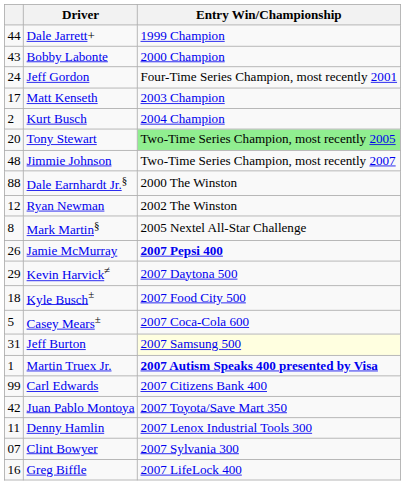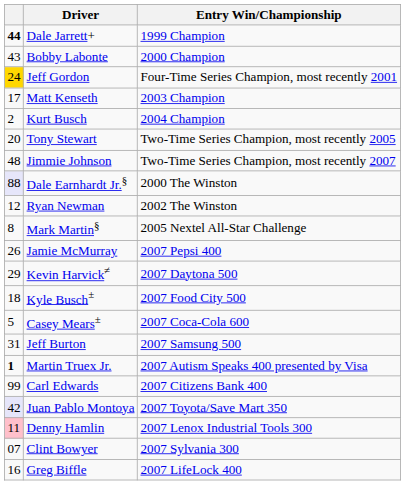 <table class="wikitable" style="font-size: 100%;">
 <tr>
 <th></th>
 <th><strong>Driver</strong></th>
 <th><strong>Entry Win/Championship</strong></th>
 </tr>
 <tr>
-<td>44</td>
+<td><strong>44</strong></td>
 <td><a href='#'>Dale Jarrett</a>+</td>
 <td><a href='#'>1999 Champion</a></td>
 </tr>
 <tr>
 <td>43</td>
 <td><a href='#'>Bobby Labonte</a></td>
 <td><a href='#'>2000 Champion</a></td>
 </tr>
 <tr>
-<td>24</td>
+<td style="background: gold;">24</td>
 <td><a href='#'>Jeff Gordon</a></td>
 <td>Four-Time Series Champion, most recently <a href='#'>2001</a></td>
 </tr>
 <tr>
 <td>17</td>
 <td><a href='#'>Matt Kenseth</a></td>
 <td><a href='#'>2003 Champion</a></td>
 </tr>
 <tr>
 <td>2</td>
 <td><a href='#'>Kurt Busch</a></td>
 <td><a href='#'>2004 Champion</a></td>
 </tr>
 <tr>
 <td>20</td>
 <td><a href='#'>Tony Stewart</a></td>
-<td style="background: lightgreen;">Two-Time Series Champion, most recently <a href='#'>2005</a></td>
+<td>Two-Time Series Champion, most recently <a href='#'>2005</a></td>
 </tr>
 <tr>
 <td>48</td>
 <td><a href='#'>Jimmie Johnson</a></td>
 <td>Two-Time Series Champion, most recently <a href='#'>2007</a></td>
 </tr>
 <tr>
-<td>88</td>
+<td style="background: lavender;">88</td>
 <td><a href='#'>Dale Earnhardt Jr.</a><sup>§</sup></td>
 <td>2000 The Winston</td>
 </tr>
 <tr>
 <td>12</td>
 <td><a href='#'>Ryan Newman</a></td>
 <td>2002 The Winston</td>
 </tr>
 <tr>
 <td>8</td>
 <td><a href='#'>Mark Martin</a><sup>§</sup></td>
 <td>2005 Nextel All-Star Challenge</td>
 </tr>
 <tr>
 <td>26</td>
 <td><a href='#'>Jamie McMurray</a></td>
-<td><strong><a href='#'>2007 Pepsi 400</a></strong></td>
+<td><a href='#'>2007 Pepsi 400</a></td>
 </tr>
 <tr>
 <td>29</td>
 <td><a href='#'>Kevin Harvick</a><sup>≠</sup></td>
 <td><a href='#'>2007 Daytona 500</a></td>
 </tr>
 <tr>
 <td>18</td>
 <td><a href='#'>Kyle Busch</a><sup>±</sup></td>
 <td><a href='#'>2007 Food City 500</a></td>
 </tr>
 <tr>
 <td>5</td>
 <td><a href='#'>Casey Mears</a><sup>±</sup></td>
 <td><a href='#'>2007 Coca-Cola 600</a></td>
 </tr>
 <tr>
 <td>31</td>
 <td><a href='#'>Jeff Burton</a></td>
-<td style="background: lightyellow;"><a href='#'>2007 Samsung 500</a></td>
+<td><a href='#'>2007 Samsung 500</a></td>
 </tr>
 <tr>
-<td>1</td>
+<td><strong>1</strong></td>
 <td><a href='#'>Martin Truex Jr.</a></td>
-<td><strong><a href='#'>2007 Autism Speaks 400 presented by Visa</a></strong></td>
+<td><a href='#'>2007 Autism Speaks 400 presented by Visa</a></td>
 </tr>
 <tr>
 <td>99</td>
 <td><a href='#'>Carl Edwards</a></td>
 <td><a href='#'>2007 Citizens Bank 400</a></td>
 </tr>
 <tr>
-<td>42</td>
+<td style="background: lavender;">42</td>
 <td><a href='#'>Juan Pablo Montoya</a></td>
 <td><a href='#'>2007 Toyota/Save Mart 350</a></td>
 </tr>
 <tr>
-<td>11</td>
+<td style="background: pink;">11</td>
 <td><a href='#'>Denny Hamlin</a></td>
 <td><a href='#'>2007 Lenox Industrial Tools 300</a></td>
 </tr>
 <tr>
 <td>07</td>
 <td><a href='#'>Clint Bowyer</a></td>
 <td><a href='#'>2007 Sylvania 300</a></td>
 </tr>
 <tr>
 <td>16</td>
 <td><a href='#'>Greg Biffle</a></td>
 <td><a href='#'>2007 LifeLock 400</a></td>
 </tr>
 </table>
